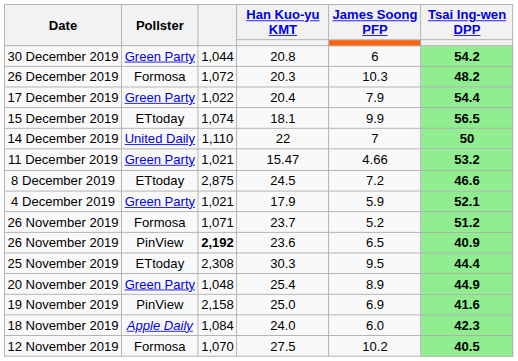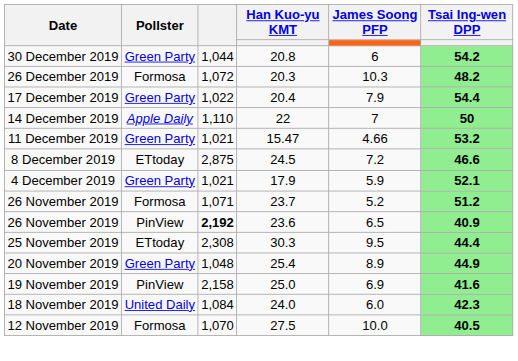 <table class="wikitable sortable collapsible" style="font-size:95%; text-align:center">
 <tr>
 <th rowspan=2>Date</th>
 <th rowspan=2>Pollster</th>
 <th rowspan=2></th>
 <th width=100px><a href='#'>Han Kuo-yu</a><br><a href='#'>KMT</a></th>
 <th width=100px><a href='#'>James Soong</a><br><a href='#'>PFP</a></th>
 <th width=100px><a href='#'>Tsai Ing-wen</a><br><a href='#'>DPP</a></th>
 </tr>
 <tr>
 <th style="background:"></th>
 <th style="background:#FF6310"></th>
 <th style="background:"></th>
 </tr>
 <tr>
 <td>30 December 2019</td>
 <td><a href='#'>Green Party</a></td>
 <td>1,044</td>
 <td>20.8</td>
 <td>6</td>
 <td bgcolor="#90ee90"><strong>54.2</strong></td>
 </tr>
 <tr>
 <td>26 December 2019</td>
 <td>Formosa</td>
 <td>1,072</td>
 <td>20.3</td>
 <td>10.3</td>
 <td bgcolor="#90ee90"><strong>48.2</strong></td>
 </tr>
 <tr>
 <td>17 December 2019</td>
 <td><a href='#'>Green Party</a></td>
 <td>1,022</td>
 <td>20.4</td>
 <td>7.9</td>
 <td bgcolor="#90ee90"><strong>54.4</strong></td>
 </tr>
 <tr>
-<td>15 December 2019</td>
-<td>ETtoday</td>
-<td>1,074</td>
-<td>18.1</td>
-<td>9.9</td>
-<td bgcolor="#90ee90"><strong>56.5</strong></td>
-</tr>
-<tr>
 <td>14 December 2019</td>
-<td><a href='#'>United Daily</a></td>
+<td><em><a href='#'>Apple Daily</a></em></td>
 <td>1,110</td>
 <td>22</td>
 <td>7</td>
 <td bgcolor="#90ee90"><strong>50</strong></td>
 </tr>
 <tr>
 <td>11 December 2019</td>
 <td><a href='#'>Green Party</a></td>
 <td>1,021</td>
 <td>15.47</td>
 <td>4.66</td>
 <td bgcolor="#90ee90"><strong>53.2</strong></td>
 </tr>
 <tr>
 <td>8 December 2019</td>
 <td>ETtoday</td>
 <td>2,875</td>
 <td>24.5</td>
 <td>7.2</td>
 <td bgcolor="#90ee90"><strong>46.6</strong></td>
 </tr>
 <tr>
 <td>4 December 2019</td>
 <td><a href='#'>Green Party</a></td>
 <td>1,021</td>
 <td>17.9</td>
 <td>5.9</td>
 <td bgcolor="#90ee90"><strong>52.1</strong></td>
 </tr>
 <tr>
 <td>26 November 2019</td>
 <td>Formosa</td>
 <td>1,071</td>
 <td>23.7</td>
 <td>5.2</td>
 <td bgcolor="#90ee90"><strong>51.2</strong></td>
 </tr>
 <tr>
 <td>26 November 2019</td>
 <td>PinView</td>
 <td><strong>2,192</strong></td>
 <td>23.6</td>
 <td>6.5</td>
 <td bgcolor="#90ee90"><strong>40.9</strong></td>
 </tr>
 <tr>
 <td>25 November 2019</td>
 <td>ETtoday</td>
 <td>2,308</td>
 <td>30.3</td>
 <td>9.5</td>
 <td bgcolor="#90ee90"><strong>44.4</strong></td>
 </tr>
 <tr>
 <td>20 November 2019</td>
 <td><a href='#'>Green Party</a></td>
 <td>1,048</td>
 <td>25.4</td>
 <td>8.9</td>
 <td bgcolor="#90ee90"><strong>44.9</strong></td>
 </tr>
 <tr>
 <td>19 November 2019</td>
 <td>PinView</td>
 <td>2,158</td>
 <td>25.0</td>
 <td>6.9</td>
 <td bgcolor="#90ee90"><strong>41.6</strong></td>
 </tr>
 <tr>
 <td>18 November 2019</td>
-<td><em><a href='#'>Apple Daily</a></em></td>
+<td><a href='#'>United Daily</a></td>
 <td>1,084</td>
 <td>24.0</td>
 <td>6.0</td>
 <td bgcolor="#90ee90"><strong>42.3</strong></td>
 </tr>
 <tr>
 <td>12 November 2019</td>
 <td>Formosa</td>
 <td>1,070</td>
 <td>27.5</td>
-<td>10.2</td>
+<td>10.0</td>
 <td bgcolor="#90ee90"><strong>40.5</strong></td>
 </tr>
 </table>
